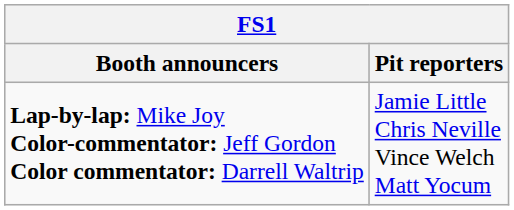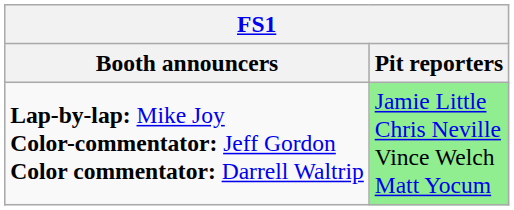 <table class="wikitable" style="font-size: 95%;">
 <tr>
 <th colspan="2"><a href='#'>FS1</a></th>
 </tr>
 <tr>
 <th>Booth announcers</th>
 <th>Pit reporters</th>
 </tr>
 <tr>
 <td><strong>Lap-by-lap:</strong> <a href='#'>Mike Joy</a><br><strong>Color-commentator:</strong> <a href='#'>Jeff Gordon</a><br><strong>Color commentator:</strong> <a href='#'>Darrell Waltrip</a></td>
-<td><a href='#'>Jamie Little</a><br><a href='#'>Chris Neville</a><br>Vince Welch<br><a href='#'>Matt Yocum</a></td>
+<td style="background: lightgreen;"><a href='#'>Jamie Little</a><br><a href='#'>Chris Neville</a><br>Vince Welch<br><a href='#'>Matt Yocum</a></td>
 </tr>
 </table>
